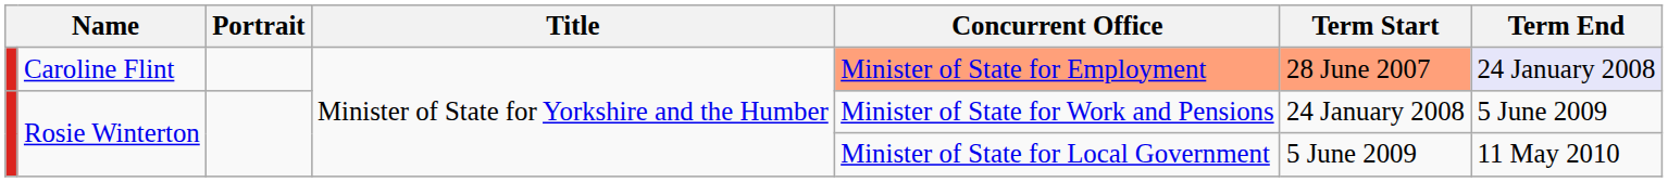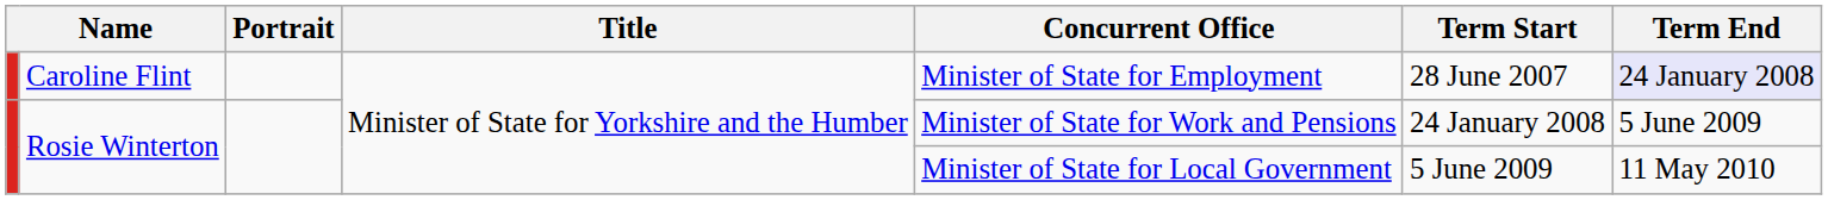 <table class="wikitable">
 <tr>
 <th colspan="2">Name</th>
 <th>Portrait</th>
 <th>Title</th>
 <th>Concurrent Office</th>
 <th>Term Start</th>
 <th>Term End</th>
 </tr>
 <tr>
 <th style="background-color: #DC241f"></th>
 <td><a href='#'>Caroline Flint</a></td>
 <td></td>
 <td rowspan="3">Minister of State for <a href='#'>Yorkshire and the Humber</a></td>
-<td style="background: lightsalmon;"><a href='#'>Minister of State for Employment</a></td>
-<td style="background: lightsalmon;">28 June 2007</td>
+<td><a href='#'>Minister of State for Employment</a></td>
+<td>28 June 2007</td>
 <td style="background: lavender;">24 January 2008</td>
 </tr>
 <tr>
 <th rowspan="2" style="background-color: #DC241f"></th>
 <td rowspan="2"><a href='#'>Rosie Winterton</a></td>
 <td rowspan="2"></td>
 <td><a href='#'>Minister of State for Work and Pensions</a></td>
 <td>24 January 2008</td>
 <td>5 June 2009</td>
 </tr>
 <tr>
 <td><a href='#'>Minister of State for Local Government</a></td>
 <td>5 June 2009</td>
 <td>11 May 2010</td>
 </tr>
 </table>
